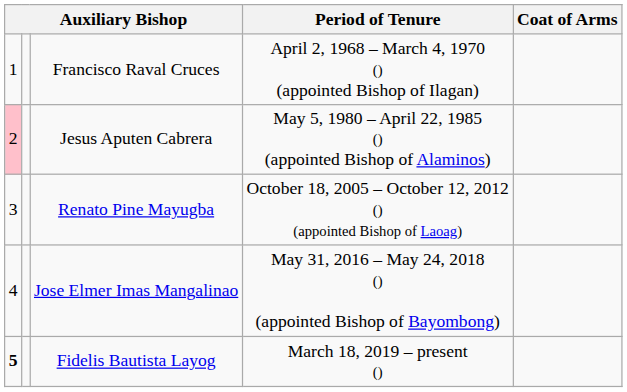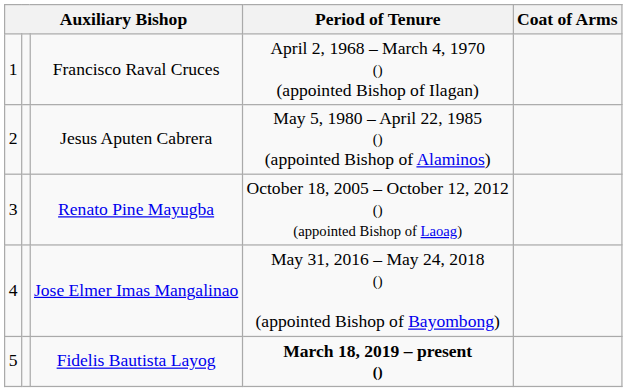 <table class="wikitable" style="font-size:90%;">
 <tr>
 <th colspan=3>Auxiliary Bishop</th>
 <th>Period of Tenure</th>
 <th>Coat of Arms</th>
 </tr>
 <tr align="center">
 <td>1</td>
 <td></td>
 <td>Francisco Raval Cruces</td>
 <td>April 2, 1968 – March 4, 1970<br> <small>()</small>  <br> (appointed Bishop of Ilagan)</td>
 <td></td>
 </tr>
 <tr align="center">
-<td style="background: pink;">2</td>
+<td>2</td>
 <td></td>
 <td>Jesus Aputen Cabrera</td>
 <td>May 5, 1980 – April 22, 1985<br> <small>()</small>  <br>(appointed Bishop of <a href='#'>Alaminos</a>)</td>
 <td></td>
 </tr>
 <tr align="center">
 <td>3</td>
 <td></td>
 <td><a href='#'>Renato Pine Mayugba</a></td>
 <td>October 18, 2005 – October 12, 2012<br> <small>()</small>  <br> <small>(appointed Bishop of <a href='#'>Laoag</a>)</small></td>
 <td></td>
 </tr>
 <tr align="center">
 <td>4</td>
 <td></td>
 <td><a href='#'>Jose Elmer Imas Mangalinao</a></td>
 <td>May 31, 2016 – May 24, 2018<br> <small>()</small><br><br>(appointed Bishop of <a href='#'>Bayombong</a>)</td>
 <td></td>
 </tr>
 <tr align="center">
-<td><strong>5</strong></td>
+<td>5</td>
 <td></td>
 <td><a href='#'>Fidelis Bautista Layog</a></td>
-<td>March 18, 2019 – present<br> <small>()</small></td>
+<td><strong>March 18, 2019 – present<br> <small>()</small></strong></td>
 <td></td>
 </tr>
 </table>
